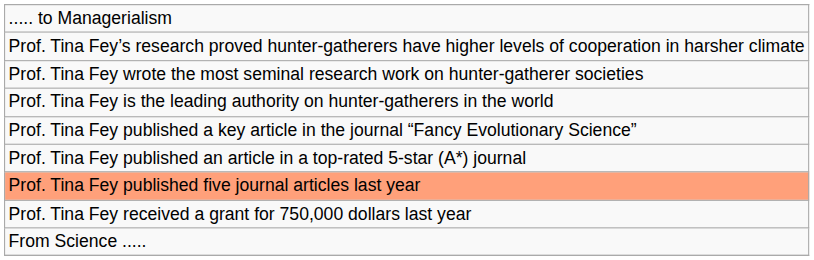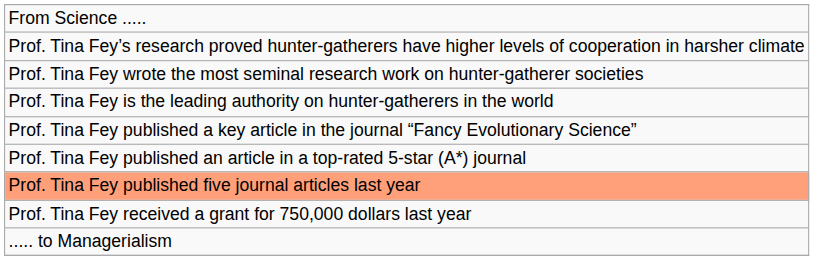 <table class="wikitable">
 <tr From Science to Managerialism>
 </tr>
 <tr>
-<td>..... to Managerialism</td>
+<td>From Science .....</td>
 </tr>
 <tr>
 <td>Prof. Tina Fey’s research proved hunter-gatherers have higher levels of cooperation in harsher climate</td>
 </tr>
 <tr>
 <td>Prof. Tina Fey wrote the most seminal research work on hunter-gatherer societies</td>
 </tr>
 <tr>
 <td>Prof. Tina Fey is the leading authority on hunter-gatherers in the world</td>
 </tr>
 <tr>
 <td>Prof. Tina Fey published a key article in the journal “Fancy Evolutionary Science”</td>
 </tr>
 <tr>
 <td>Prof. Tina Fey published an article in a top-rated 5-star (A*) journal</td>
 </tr>
 <tr>
 <td style="background: lightsalmon;">Prof. Tina Fey published five journal articles last year</td>
 </tr>
 <tr>
 <td>Prof. Tina Fey received a grant for 750,000 dollars last year</td>
 </tr>
 <tr>
-<td>From Science .....</td>
+<td>..... to Managerialism</td>
 </tr>
 <tr>
 </tr>
 </table>
